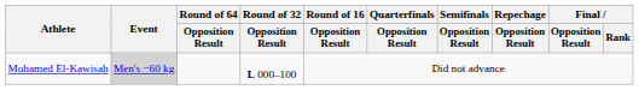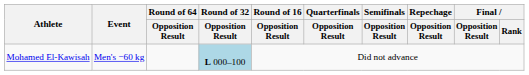 <table class="wikitable" style="font-size:90%">
 <tr>
 <th rowspan="2">Athlete</th>
 <th rowspan="2">Event</th>
 <th>Round of 64</th>
 <th>Round of 32</th>
 <th>Round of 16</th>
 <th>Quarterfinals</th>
 <th>Semifinals</th>
 <th>Repechage</th>
 <th colspan=2>Final / </th>
 </tr>
 <tr style="font-size:95%">
 <th>Opposition<br>Result</th>
 <th>Opposition<br>Result</th>
 <th>Opposition<br>Result</th>
 <th>Opposition<br>Result</th>
 <th>Opposition<br>Result</th>
 <th>Opposition<br>Result</th>
 <th>Opposition<br>Result</th>
 <th>Rank</th>
 </tr>
 <tr align=center>
 <td align=left><a href='#'>Mohamed El-Kawisah</a></td>
-<td align=left style="background: lightgrey;"><a href='#'>Men's −60 kg</a></td>
+<td align=left><a href='#'>Men's −60 kg</a></td>
 <td></td>
-<td><br><strong>L</strong> 000–100</td>
+<td style="background: lightblue;"><br><strong>L</strong> 000–100</td>
 <td colspan=6>Did not advance</td>
 </tr>
 </table>
